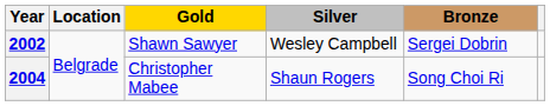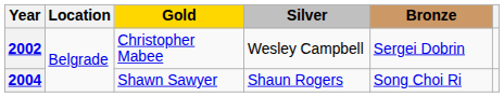 <table class="wikitable unsortable" style="text-align:left; width:85%">
 <tr>
 <th scope="col" style="text-align:center">Year</th>
 <th scope="col" style="text-align:center">Location</th>
 <td scope="col" style="text-align:center; width:30%; background:gold"><strong>Gold</strong></td>
 <td scope="col" style="text-align:center; width:30%; background:silver"><strong>Silver</strong></td>
 <td scope="col" style="text-align:center; width:30%; background:#c96"><strong>Bronze</strong></td>
 <th scope="col" style="text-align:center"></th>
 </tr>
 <tr>
 <th scope="row" style="text-align:left"><a href='#'>2002</a></th>
 <td rowspan="2"><a href='#'>Belgrade</a></td>
-<td> <a href='#'>Shawn Sawyer</a></td>
+<td> <a href='#'>Christopher Mabee</a></td>
 <td> Wesley Campbell</td>
 <td> <a href='#'>Sergei Dobrin</a></td>
 <td></td>
 </tr>
 <tr>
 <th scope="row" style="text-align:left"><a href='#'>2004</a></th>
-<td> <a href='#'>Christopher Mabee</a></td>
+<td> <a href='#'>Shawn Sawyer</a></td>
 <td> <a href='#'>Shaun Rogers</a></td>
 <td> <a href='#'>Song Choi Ri</a></td>
 <td></td>
 </tr>
 </table>
